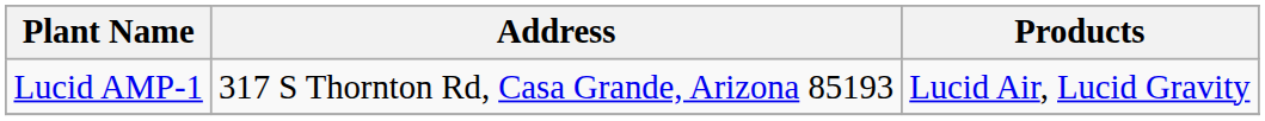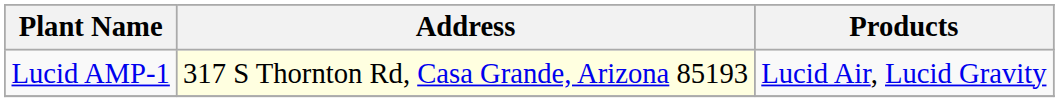 <table class="wikitable">
 <tr>
 <th>Plant Name</th>
 <th>Address</th>
 <th>Products</th>
 </tr>
 <tr --->
 <td><a href='#'>Lucid AMP-1</a></td>
-<td>317 S Thornton Rd, <a href='#'>Casa Grande, Arizona</a> 85193</td>
+<td style="background: lightyellow;">317 S Thornton Rd, <a href='#'>Casa Grande, Arizona</a> 85193</td>
 <td><a href='#'>Lucid Air</a>, <a href='#'>Lucid Gravity</a></td>
 </tr>
 <tr --->
 </tr>
 </table>
